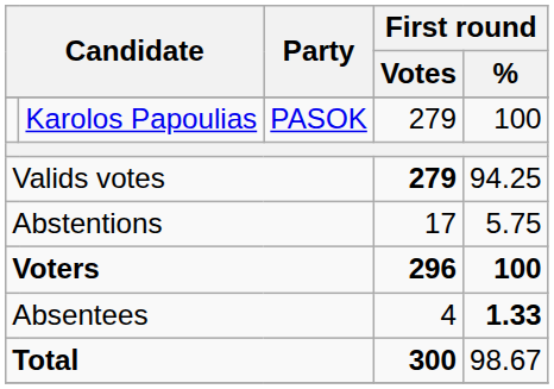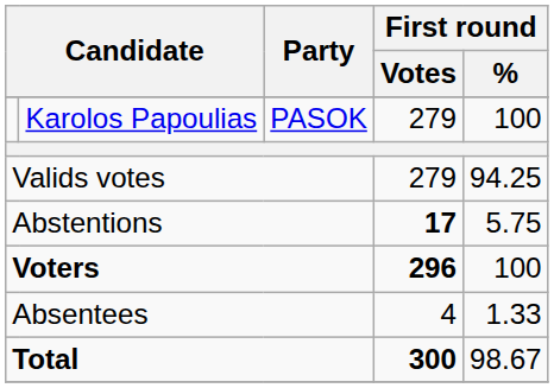 <table class=wikitable style=text-align:right>
 <tr>
 <th colspan=2 rowspan=2>Candidate</th>
 <th rowspan=2>Party</th>
 <th colspan=2>First round</th>
 </tr>
 <tr>
 <th>Votes</th>
 <th>%</th>
 </tr>
 <tr>
 </tr>
 <tr>
 <td bgcolor=></td>
 <td><a href='#'>Karolos Papoulias</a></td>
 <td><a href='#'>PASOK</a></td>
 <td>279</td>
 <td>100</td>
 </tr>
 <tr>
 <th colspan="5"></th>
 </tr>
 <tr>
 <td colspan=3 align=left>Valids votes</td>
-<td><strong>279</strong></td>
+<td>279</td>
 <td>94.25</td>
 </tr>
 <tr>
 <td colspan=3 align=left>Abstentions</td>
-<td>17</td>
+<td><strong>17</strong></td>
 <td>5.75</td>
 </tr>
 <tr>
 <td colspan=3 align=left><strong>Voters</strong></td>
 <td><strong>296</strong></td>
-<td><strong>100</strong></td>
+<td>100</td>
 </tr>
 <tr>
 <td colspan=3 align=left>Absentees</td>
 <td>4</td>
-<td><strong>1.33</strong></td>
+<td>1.33</td>
 </tr>
 <tr>
 <td colspan=3 align=left><strong>Total</strong></td>
 <td><strong>300</strong></td>
 <td>98.67</td>
 </tr>
 <tr>
 </tr>
 </table>
